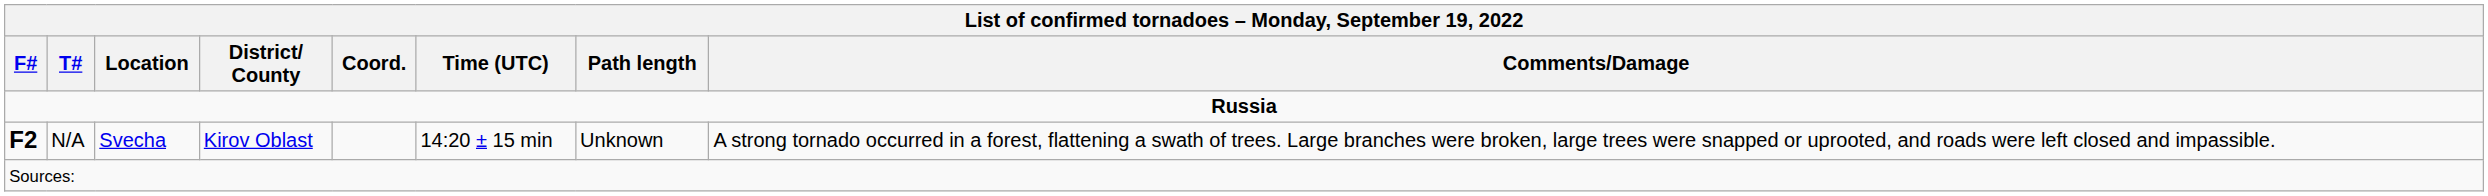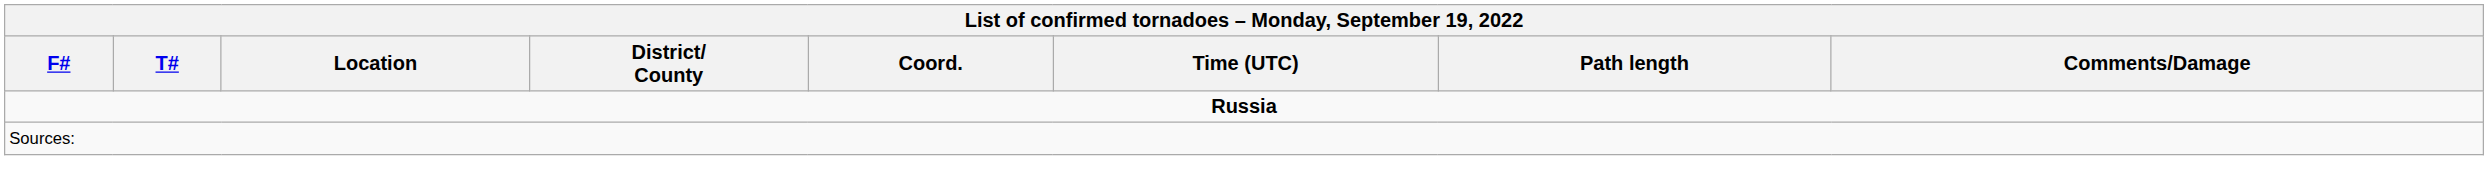 <table class="wikitable collapsible" width="100%">
 <tr>
 <th colspan="8">List of confirmed tornadoes – Monday, September 19, 2022</th>
 </tr>
 <tr>
 <th><a href='#'>F#</a></th>
 <th><a href='#'>T#</a></th>
 <th>Location</th>
 <th>District/<br>County</th>
 <th>Coord.</th>
 <th>Time (UTC)</th>
 <th>Path length</th>
 <th>Comments/Damage</th>
 </tr>
 <tr>
 <td colspan="8" align=center><strong>Russia</strong></td>
 </tr>
 <tr>
-<td><big><strong>F2</strong></big></td>
-<td>N/A</td>
-<td><a href='#'>Svecha</a></td>
-<td><a href='#'>Kirov Oblast</a></td>
-<td></td>
-<td>14:20 <a href='#'>±</a> 15 min</td>
-<td>Unknown</td>
-<td>A strong tornado occurred in a forest, flattening a swath of trees. Large branches were broken, large trees were snapped or uprooted, and roads were left closed and impassible.</td>
-</tr>
-<tr>
 <td colspan="8"><small>Sources:  </small></td>
 </tr>
 </table>
